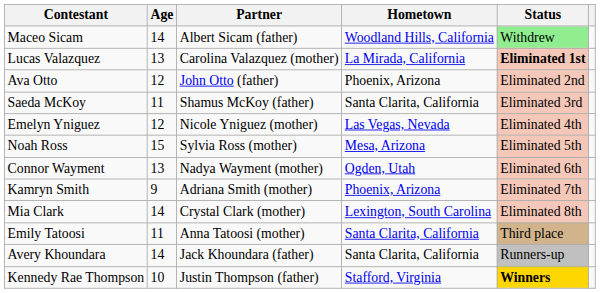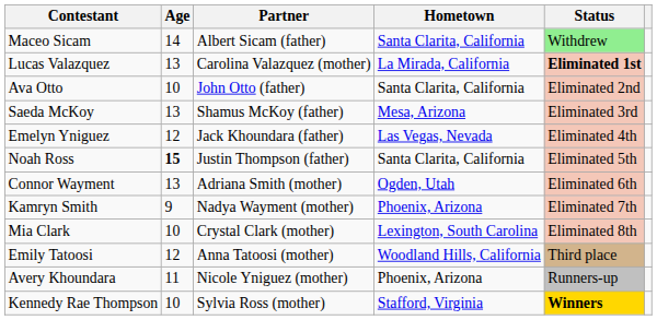 <table class="wikitable sortable">
 <tr>
 <th>Contestant</th>
 <th>Age</th>
 <th>Partner</th>
 <th>Hometown</th>
 <th>Status</th>
 <th class="unsortable"></th>
 </tr>
 <tr>
 <td>Maceo Sicam</td>
 <td>14</td>
 <td>Albert Sicam (father)</td>
-<td><a href='#'>Woodland Hills, California</a></td>
+<td><a href='#'>Santa Clarita, California</a></td>
 <td style="background:lightgreen">Withdrew<br></td>
 <td></td>
 </tr>
 <tr>
 <td>Lucas Valazquez</td>
 <td>13</td>
 <td>Carolina Valazquez (mother)</td>
 <td><a href='#'>La Mirada, California</a></td>
 <td style="background:#f4c7b8"><strong>Eliminated 1st<br></strong></td>
 <td></td>
 </tr>
 <tr>
 <td>Ava Otto</td>
-<td>12</td>
+<td>10</td>
 <td><a href='#'>John Otto</a> (father)</td>
-<td>Phoenix, Arizona</td>
+<td>Santa Clarita, California</td>
 <td style="background:#f4c7b8">Eliminated 2nd<br></td>
 <td></td>
 </tr>
 <tr>
 <td>Saeda McKoy</td>
-<td>11</td>
+<td>13</td>
 <td>Shamus McKoy (father)</td>
-<td>Santa Clarita, California</td>
+<td><a href='#'>Mesa, Arizona</a></td>
 <td style="background:#f4c7b8">Eliminated 3rd<br></td>
 <td></td>
 </tr>
 <tr>
 <td>Emelyn Yniguez</td>
 <td>12</td>
-<td>Nicole Yniguez (mother)</td>
+<td>Jack Khoundara (father)</td>
 <td><a href='#'>Las Vegas, Nevada</a></td>
 <td style="background:#f4c7b8">Eliminated 4th<br></td>
 <td></td>
 </tr>
 <tr>
 <td>Noah Ross</td>
-<td>15</td>
-<td>Sylvia Ross (mother)</td>
-<td><a href='#'>Mesa, Arizona</a></td>
+<td><strong>15</strong></td>
+<td>Justin Thompson (father)</td>
+<td>Santa Clarita, California</td>
 <td style="background:#f4c7b8">Eliminated 5th<br></td>
 <td></td>
 </tr>
 <tr>
 <td>Connor Wayment</td>
 <td>13</td>
-<td>Nadya Wayment (mother)</td>
+<td>Adriana Smith (mother)</td>
 <td><a href='#'>Ogden, Utah</a></td>
 <td style="background:#f4c7b8">Eliminated 6th<br></td>
 <td></td>
 </tr>
 <tr>
 <td>Kamryn Smith</td>
 <td>9</td>
-<td>Adriana Smith (mother)</td>
+<td>Nadya Wayment (mother)</td>
 <td><a href='#'>Phoenix, Arizona</a></td>
 <td style="background:#f4c7b8">Eliminated 7th<br></td>
 <td></td>
 </tr>
 <tr>
 <td>Mia Clark</td>
-<td>14</td>
+<td>10</td>
 <td>Crystal Clark (mother)</td>
 <td><a href='#'>Lexington, South Carolina</a></td>
 <td style="background:#f4c7b8">Eliminated 8th<br></td>
 <td></td>
 </tr>
 <tr>
 <td>Emily Tatoosi</td>
-<td>11</td>
+<td>12</td>
 <td>Anna Tatoosi (mother)</td>
-<td><a href='#'>Santa Clarita, California</a></td>
+<td><a href='#'>Woodland Hills, California</a></td>
 <td style="background:tan">Third place<br></td>
 <td></td>
 </tr>
 <tr>
 <td>Avery Khoundara</td>
-<td>14</td>
-<td>Jack Khoundara (father)</td>
-<td>Santa Clarita, California</td>
+<td>11</td>
+<td>Nicole Yniguez (mother)</td>
+<td>Phoenix, Arizona</td>
 <td style="background:silver">Runners-up<br></td>
 <td></td>
 </tr>
 <tr>
 <td>Kennedy Rae Thompson</td>
 <td>10</td>
-<td>Justin Thompson (father)</td>
+<td>Sylvia Ross (mother)</td>
 <td><a href='#'>Stafford, Virginia</a></td>
 <td style="background:gold"><strong>Winners</strong><br></td>
 <td></td>
 </tr>
 </table>
